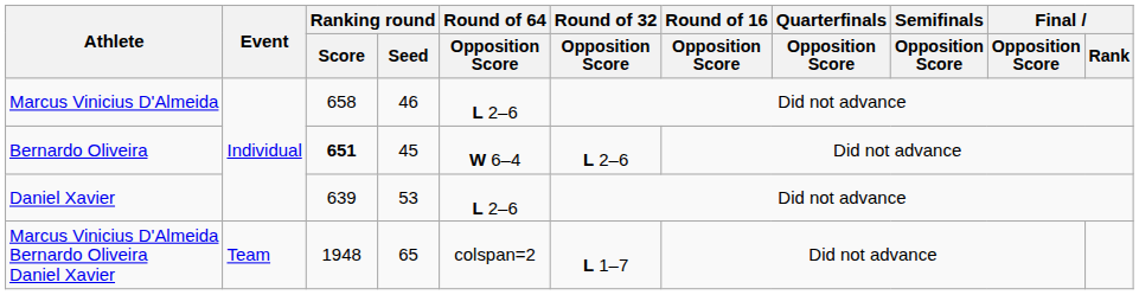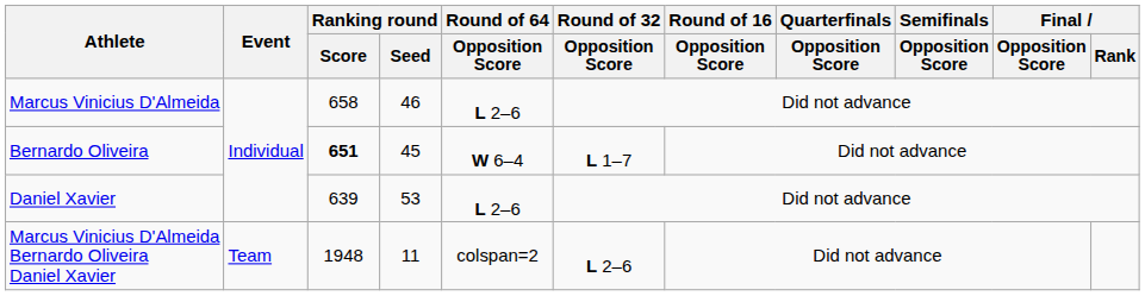 <table class="wikitable" style="font-size:90%">
 <tr>
 <th rowspan=2>Athlete</th>
 <th rowspan=2>Event</th>
 <th colspan="2">Ranking round</th>
 <th>Round of 64</th>
 <th>Round of 32</th>
 <th>Round of 16</th>
 <th>Quarterfinals</th>
 <th>Semifinals</th>
 <th colspan="2">Final / </th>
 </tr>
 <tr style="font-size:95%">
 <th>Score</th>
 <th>Seed</th>
 <th>Opposition<br>Score</th>
 <th>Opposition<br>Score</th>
 <th>Opposition<br>Score</th>
 <th>Opposition<br>Score</th>
 <th>Opposition<br>Score</th>
 <th>Opposition<br>Score</th>
 <th>Rank</th>
 </tr>
 <tr align=center>
 <td align=left><a href='#'>Marcus Vinicius D'Almeida</a></td>
 <td align=left rowspan=3><a href='#'>Individual</a></td>
 <td>658</td>
 <td>46</td>
 <td><br><strong>L</strong> 2–6</td>
 <td colspan=6>Did not advance</td>
 </tr>
 <tr align=center>
 <td align=left><a href='#'>Bernardo Oliveira</a></td>
 <td><strong>651</strong></td>
 <td>45</td>
 <td><br><strong>W</strong> 6–4</td>
-<td><br><strong>L</strong> 2–6</td>
+<td><br><strong>L</strong> 1–7</td>
 <td colspan=5>Did not advance</td>
 </tr>
 <tr align=center>
 <td align=left><a href='#'>Daniel Xavier</a></td>
 <td>639</td>
 <td>53</td>
 <td><br><strong>L</strong> 2–6</td>
 <td colspan=6>Did not advance</td>
 </tr>
 <tr align=center>
 <td align=left><a href='#'>Marcus Vinicius D'Almeida</a><br><a href='#'>Bernardo Oliveira</a><br><a href='#'>Daniel Xavier</a></td>
 <td align=left><a href='#'>Team</a></td>
 <td>1948</td>
-<td>65</td>
+<td>11</td>
 <td>colspan=2 </td>
-<td><br><strong>L</strong> 1–7</td>
+<td><br><strong>L</strong> 2–6</td>
 <td colspan=4>Did not advance</td>
 </tr>
 </table>
